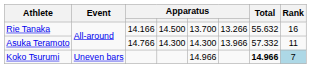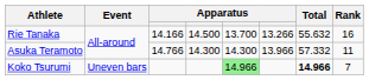 <table class="wikitable" style="font-size:90%">
 <tr>
 <th rowspan=2>Athlete</th>
 <th rowspan=2>Event</th>
 <th colspan =4>Apparatus</th>
 <th rowspan=2>Total</th>
 <th rowspan=2>Rank</th>
 </tr>
 <tr style="font-size:95%">
 <th></th>
 <th></th>
 <th></th>
 <th></th>
 </tr>
 <tr align=center>
 <td align=left><a href='#'>Rie Tanaka</a></td>
 <td align=left rowspan=2><a href='#'>All-around</a></td>
 <td>14.166</td>
 <td>14.500</td>
 <td>13.700</td>
 <td>13.266</td>
 <td>55.632</td>
 <td>16</td>
 </tr>
 <tr align=center>
 <td align=left><a href='#'>Asuka Teramoto</a></td>
 <td>14.766</td>
 <td>14.300</td>
 <td>14.300</td>
 <td>13.966</td>
 <td>57.332</td>
 <td>11</td>
 </tr>
 <tr align=center>
 <td align=left><a href='#'>Koko Tsurumi</a></td>
 <td><a href='#'>Uneven bars</a></td>
 <td></td>
 <td></td>
-<td>14.966</td>
+<td style="background: lightgreen;">14.966</td>
 <td></td>
 <td><strong>14.966</strong></td>
-<td style="background: lightblue;">7</td>
+<td>7</td>
 </tr>
 </table>
